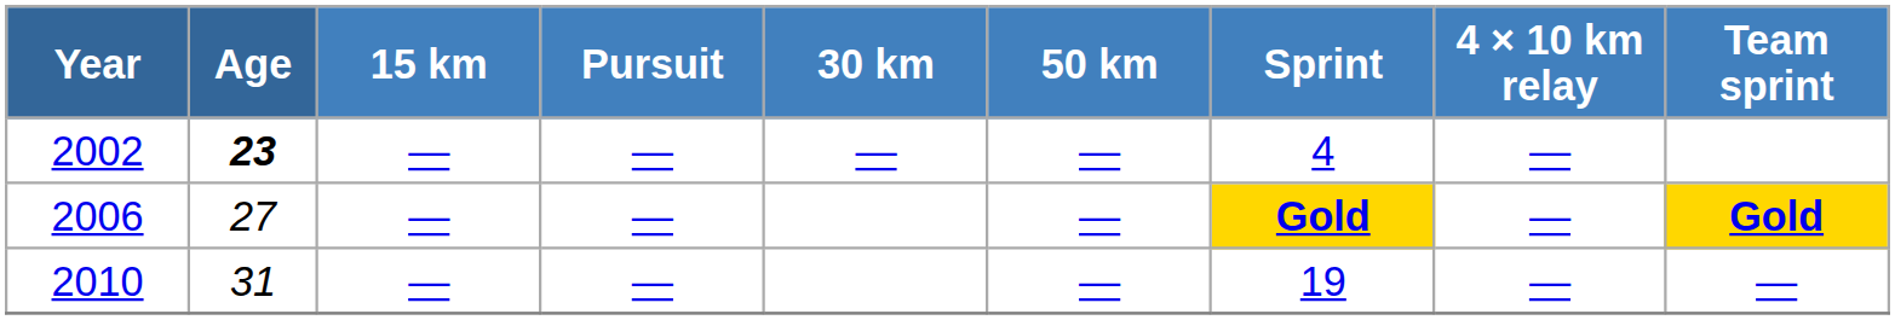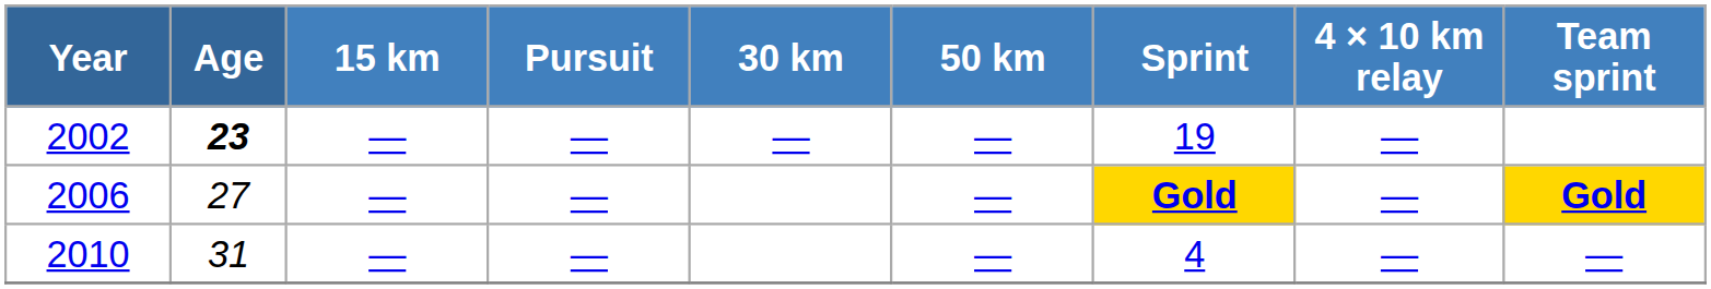 <table class="wikitable" style="font-size:95%; text-align:center; border:grey solid 1px; border-collapse:collapse; background:#ffffff;">
 <tr>
 <th style="background-color:#369; color:white; width:60px;"> Year </th>
 <th style="background-color:#369; color:white; width:40px;"> Age </th>
 <th style="background-color:#4180be; color:white; width:75px;"> 15 km </th>
 <th style="background-color:#4180be; color:white; width:75px;"> Pursuit </th>
 <th style="background-color:#4180be; color:white; width:75px;"> 30 km </th>
 <th style="background-color:#4180be; color:white; width:75px;"> 50 km </th>
 <th style="background-color:#4180be; color:white; width:75px;"> Sprint </th>
 <th style="background-color:#4180be; color:white; width:75px;"> 4 × 10 km <br> relay </th>
 <th style="background-color:#4180be; color:white; width:75px;"> Team <br> sprint </th>
 </tr>
 <tr>
 <td><a href='#'>2002</a></td>
 <td><strong><em>23</em></strong></td>
 <td><a href='#'>—</a></td>
 <td><a href='#'>—</a></td>
 <td><a href='#'>—</a></td>
 <td><a href='#'>—</a></td>
-<td><a href='#'>4</a></td>
+<td><a href='#'>19</a></td>
 <td><a href='#'>—</a></td>
 <td></td>
 </tr>
 <tr>
 <td><a href='#'>2006</a></td>
 <td><em>27</em></td>
 <td><a href='#'>—</a></td>
 <td><a href='#'>—</a></td>
 <td></td>
 <td><a href='#'>—</a></td>
 <td style="background:gold;"><a href='#'><strong>Gold</strong></a></td>
 <td><a href='#'>—</a></td>
 <td style="background:gold;"><a href='#'><strong>Gold</strong></a></td>
 </tr>
 <tr>
 <td><a href='#'>2010</a></td>
 <td><em>31</em></td>
 <td><a href='#'>—</a></td>
 <td><a href='#'>—</a></td>
 <td></td>
 <td><a href='#'>—</a></td>
-<td><a href='#'>19</a></td>
+<td><a href='#'>4</a></td>
 <td><a href='#'>—</a></td>
 <td><a href='#'>—</a></td>
 </tr>
 <tr>
 </tr>
 </table>
